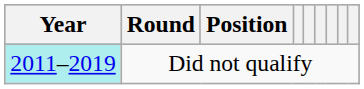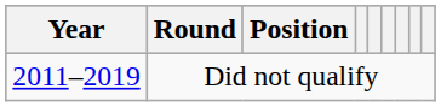 <table class="wikitable" style="text-align: center;font-size:90%;">
 <tr>
 <th>Year</th>
 <th>Round</th>
 <th>Position</th>
 <th></th>
 <th></th>
 <th></th>
 <th></th>
 <th></th>
 <th></th>
 </tr>
 <tr>
-<td style="background: paleturquoise;"><a href='#'>2011</a>–<a href='#'>2019</a></td>
+<td><a href='#'>2011</a>–<a href='#'>2019</a></td>
 <td colspan=8 rowspan=1>Did not qualify</td>
 </tr>
 </table>
